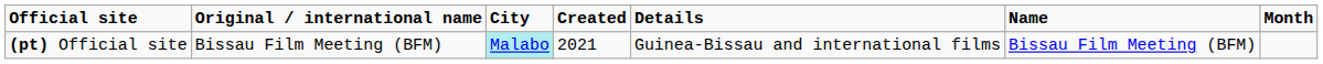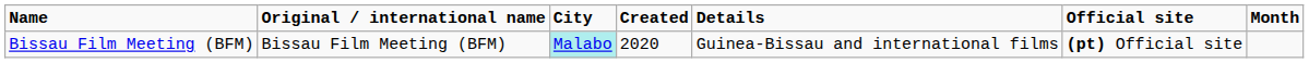 <table class="wikitable">
 <tr>
-<td><strong>Official site</strong></td>
+<td><strong>Name</strong></td>
 <td><strong>Original / international name</strong></td>
 <td><strong>City</strong></td>
 <td><strong>Created</strong></td>
 <td><strong>Details</strong></td>
-<td><strong>Name</strong></td>
+<td><strong>Official site</strong></td>
 <td><strong>Month</strong></td>
 </tr>
 <tr>
-<td><strong>(pt)</strong> Official site</td>
+<td><a href='#'>Bissau Film Meeting</a> (BFM)</td>
 <td>Bissau Film Meeting (BFM)</td>
 <td style="background: paleturquoise;"><a href='#'>Malabo</a></td>
-<td>2021</td>
+<td>2020</td>
 <td>Guinea-Bissau and international films</td>
-<td><a href='#'>Bissau Film Meeting</a> (BFM)</td>
+<td><strong>(pt)</strong> Official site</td>
 <td></td>
 </tr>
 </table>
